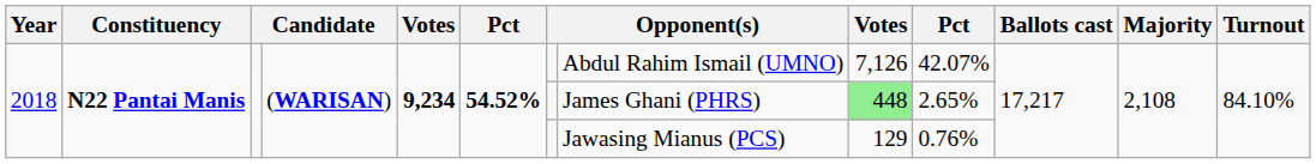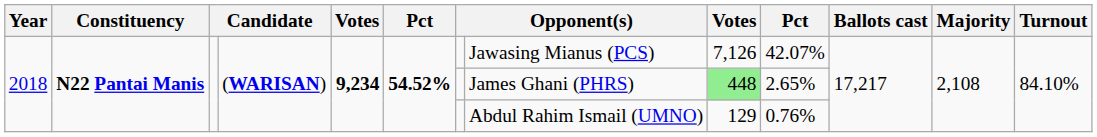 <table class="wikitable" style="margin:0.5em ; font-size:95%">
 <tr>
 <th>Year</th>
 <th>Constituency</th>
 <th colspan=2>Candidate</th>
 <th>Votes</th>
 <th>Pct</th>
 <th colspan=2>Opponent(s)</th>
 <th>Votes</th>
 <th>Pct</th>
 <th>Ballots cast</th>
 <th>Majority</th>
 <th>Turnout</th>
 </tr>
 <tr>
 <td rowspan=3><a href='#'>2018</a></td>
 <td rowspan=3><strong>N22 <a href='#'>Pantai Manis</a></strong></td>
 <td rowspan=3 ></td>
 <td rowspan=3> (<a href='#'><strong>WARISAN</strong></a>)</td>
 <td rowspan=3 align="right"><strong>9,234</strong></td>
 <td rowspan=3><strong>54.52%</strong></td>
 <td></td>
-<td>Abdul Rahim Ismail (<a href='#'>UMNO</a>)</td>
+<td>Jawasing Mianus (<a href='#'>PCS</a>)</td>
 <td align="right">7,126</td>
 <td>42.07%</td>
 <td rowspan=3>17,217</td>
 <td rowspan=3>2,108</td>
 <td rowspan=3>84.10%</td>
 </tr>
 <tr>
 <td></td>
 <td>James Ghani (<a href='#'>PHRS</a>)</td>
 <td align="right" style="background: lightgreen;">448</td>
 <td>2.65%</td>
 </tr>
 <tr>
 <td></td>
-<td>Jawasing Mianus (<a href='#'>PCS</a>)</td>
+<td>Abdul Rahim Ismail (<a href='#'>UMNO</a>)</td>
 <td align="right">129</td>
 <td>0.76%</td>
 </tr>
 </table>
